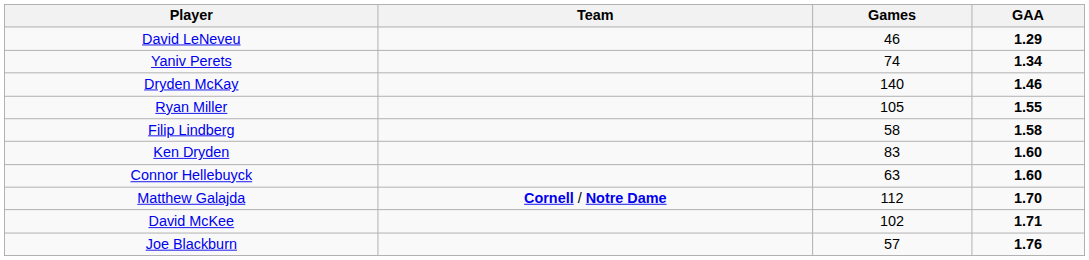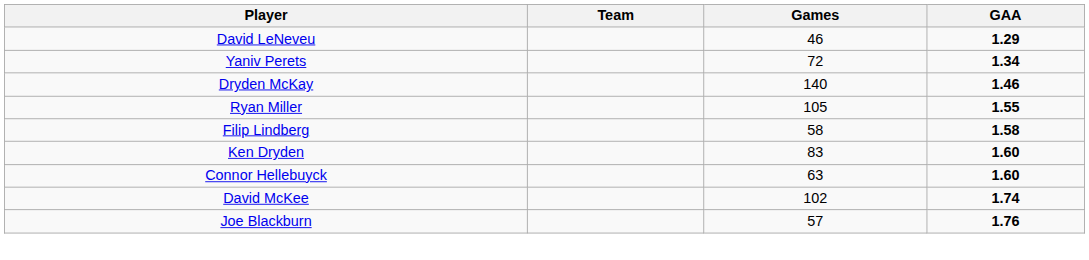 <table class="sortable wikitable" width =95%>
 <tr>
 <th>Player</th>
 <th>Team</th>
 <th>Games</th>
 <th>GAA</th>
 </tr>
 <tr align=center>
 <td><a href='#'>David LeNeveu</a></td>
 <td><strong><a href='#'></a></strong></td>
 <td>46</td>
 <td><strong>1.29</strong></td>
 </tr>
 <tr align=center>
 <td><a href='#'>Yaniv Perets</a></td>
 <td><strong><a href='#'></a></strong></td>
-<td>74</td>
+<td>72</td>
 <td><strong>1.34</strong></td>
 </tr>
 <tr align=center>
 <td><a href='#'>Dryden McKay</a></td>
 <td><strong><a href='#'></a></strong></td>
 <td>140</td>
 <td><strong>1.46</strong></td>
 </tr>
 <tr align=center>
 <td><a href='#'>Ryan Miller</a></td>
 <td><strong><a href='#'></a></strong></td>
 <td>105</td>
 <td><strong>1.55</strong></td>
 </tr>
 <tr align=center>
 <td><a href='#'>Filip Lindberg</a></td>
 <td><strong><a href='#'></a></strong></td>
 <td>58</td>
 <td><strong>1.58</strong></td>
 </tr>
 <tr align=center>
 <td><a href='#'>Ken Dryden</a></td>
 <td><strong><a href='#'></a></strong></td>
 <td>83</td>
 <td><strong>1.60</strong></td>
 </tr>
 <tr align=center>
 <td><a href='#'>Connor Hellebuyck</a></td>
 <td><strong><a href='#'></a></strong></td>
 <td>63</td>
 <td><strong>1.60</strong></td>
 </tr>
 <tr align=center>
-<td><a href='#'>Matthew Galajda</a></td>
-<td><strong><a href='#'>Cornell</a></strong> / <strong><a href='#'>Notre Dame</a></strong></td>
-<td>112</td>
-<td><strong>1.70</strong></td>
-</tr>
-<tr align=center>
 <td><a href='#'>David McKee</a></td>
 <td><strong><a href='#'></a></strong></td>
 <td>102</td>
-<td><strong>1.71</strong></td>
+<td><strong>1.74</strong></td>
 </tr>
 <tr align=center>
 <td><a href='#'>Joe Blackburn</a></td>
 <td><strong><a href='#'></a></strong></td>
 <td>57</td>
 <td><strong>1.76</strong></td>
 </tr>
 </table>
